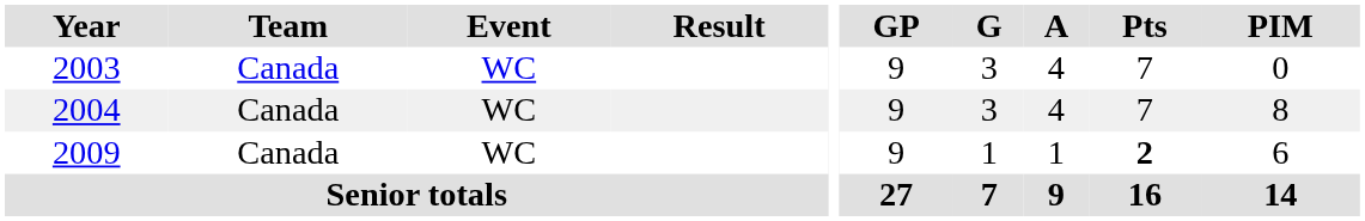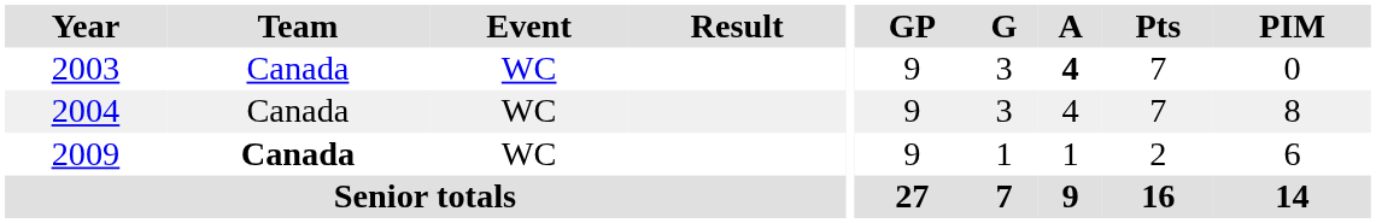 <table border="0" cellpadding="1" cellspacing="0" ID="Table3" style="text-align:center; width:40em">
 <tr ALIGN="center" bgcolor="#e0e0e0">
 <th>Year</th>
 <th>Team</th>
 <th>Event</th>
 <th>Result</th>
 <th rowspan="99" bgcolor="#ffffff"></th>
 <th>GP</th>
 <th>G</th>
 <th>A</th>
 <th>Pts</th>
 <th>PIM</th>
 </tr>
 <tr>
 <td><a href='#'>2003</a></td>
 <td><a href='#'>Canada</a></td>
 <td><a href='#'>WC</a></td>
 <td></td>
 <td>9</td>
 <td>3</td>
-<td>4</td>
+<td><strong>4</strong></td>
 <td>7</td>
 <td>0</td>
 </tr>
 <tr bgcolor="#f0f0f0">
 <td><a href='#'>2004</a></td>
 <td>Canada</td>
 <td>WC</td>
 <td></td>
 <td>9</td>
 <td>3</td>
 <td>4</td>
 <td>7</td>
 <td>8</td>
 </tr>
 <tr>
 <td><a href='#'>2009</a></td>
-<td>Canada</td>
+<td><strong>Canada</strong></td>
 <td>WC</td>
 <td></td>
 <td>9</td>
 <td>1</td>
 <td>1</td>
-<td><strong>2</strong></td>
+<td>2</td>
 <td>6</td>
 </tr>
 <tr bgcolor="#e0e0e0">
 <th colspan=4>Senior totals</th>
 <th>27</th>
 <th>7</th>
 <th>9</th>
 <th>16</th>
 <th>14</th>
 </tr>
 </table>
